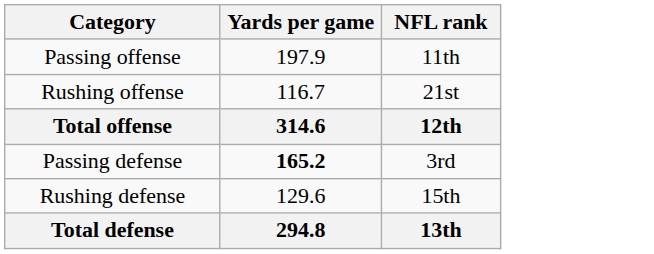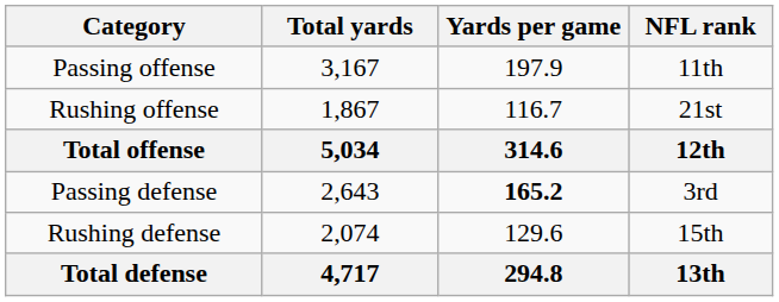 <table class="wikitable" style="text-align:center">
 <tr>
 <th width=150px>Category</th>
+<th width=100px>Total yards</th>
 <th width=110px>Yards per game</th>
 <th width=80px>NFL rank<br></th>
 </tr>
 <tr>
 <td>Passing offense</td>
+<td>3,167</td>
 <td>197.9</td>
 <td>11th</td>
 </tr>
 <tr>
 <td>Rushing offense</td>
+<td>1,867</td>
 <td>116.7</td>
 <td>21st</td>
 </tr>
 <tr>
 <th>Total offense</th>
+<th>5,034</th>
 <th>314.6</th>
 <th>12th</th>
 </tr>
 <tr>
 <td>Passing defense</td>
+<td>2,643</td>
 <td><strong>165.2</strong></td>
 <td>3rd</td>
 </tr>
 <tr>
 <td>Rushing defense</td>
+<td>2,074</td>
 <td>129.6</td>
 <td>15th</td>
 </tr>
 <tr>
 <th>Total defense</th>
+<th>4,717</th>
 <th>294.8</th>
 <th>13th</th>
 </tr>
 </table>
